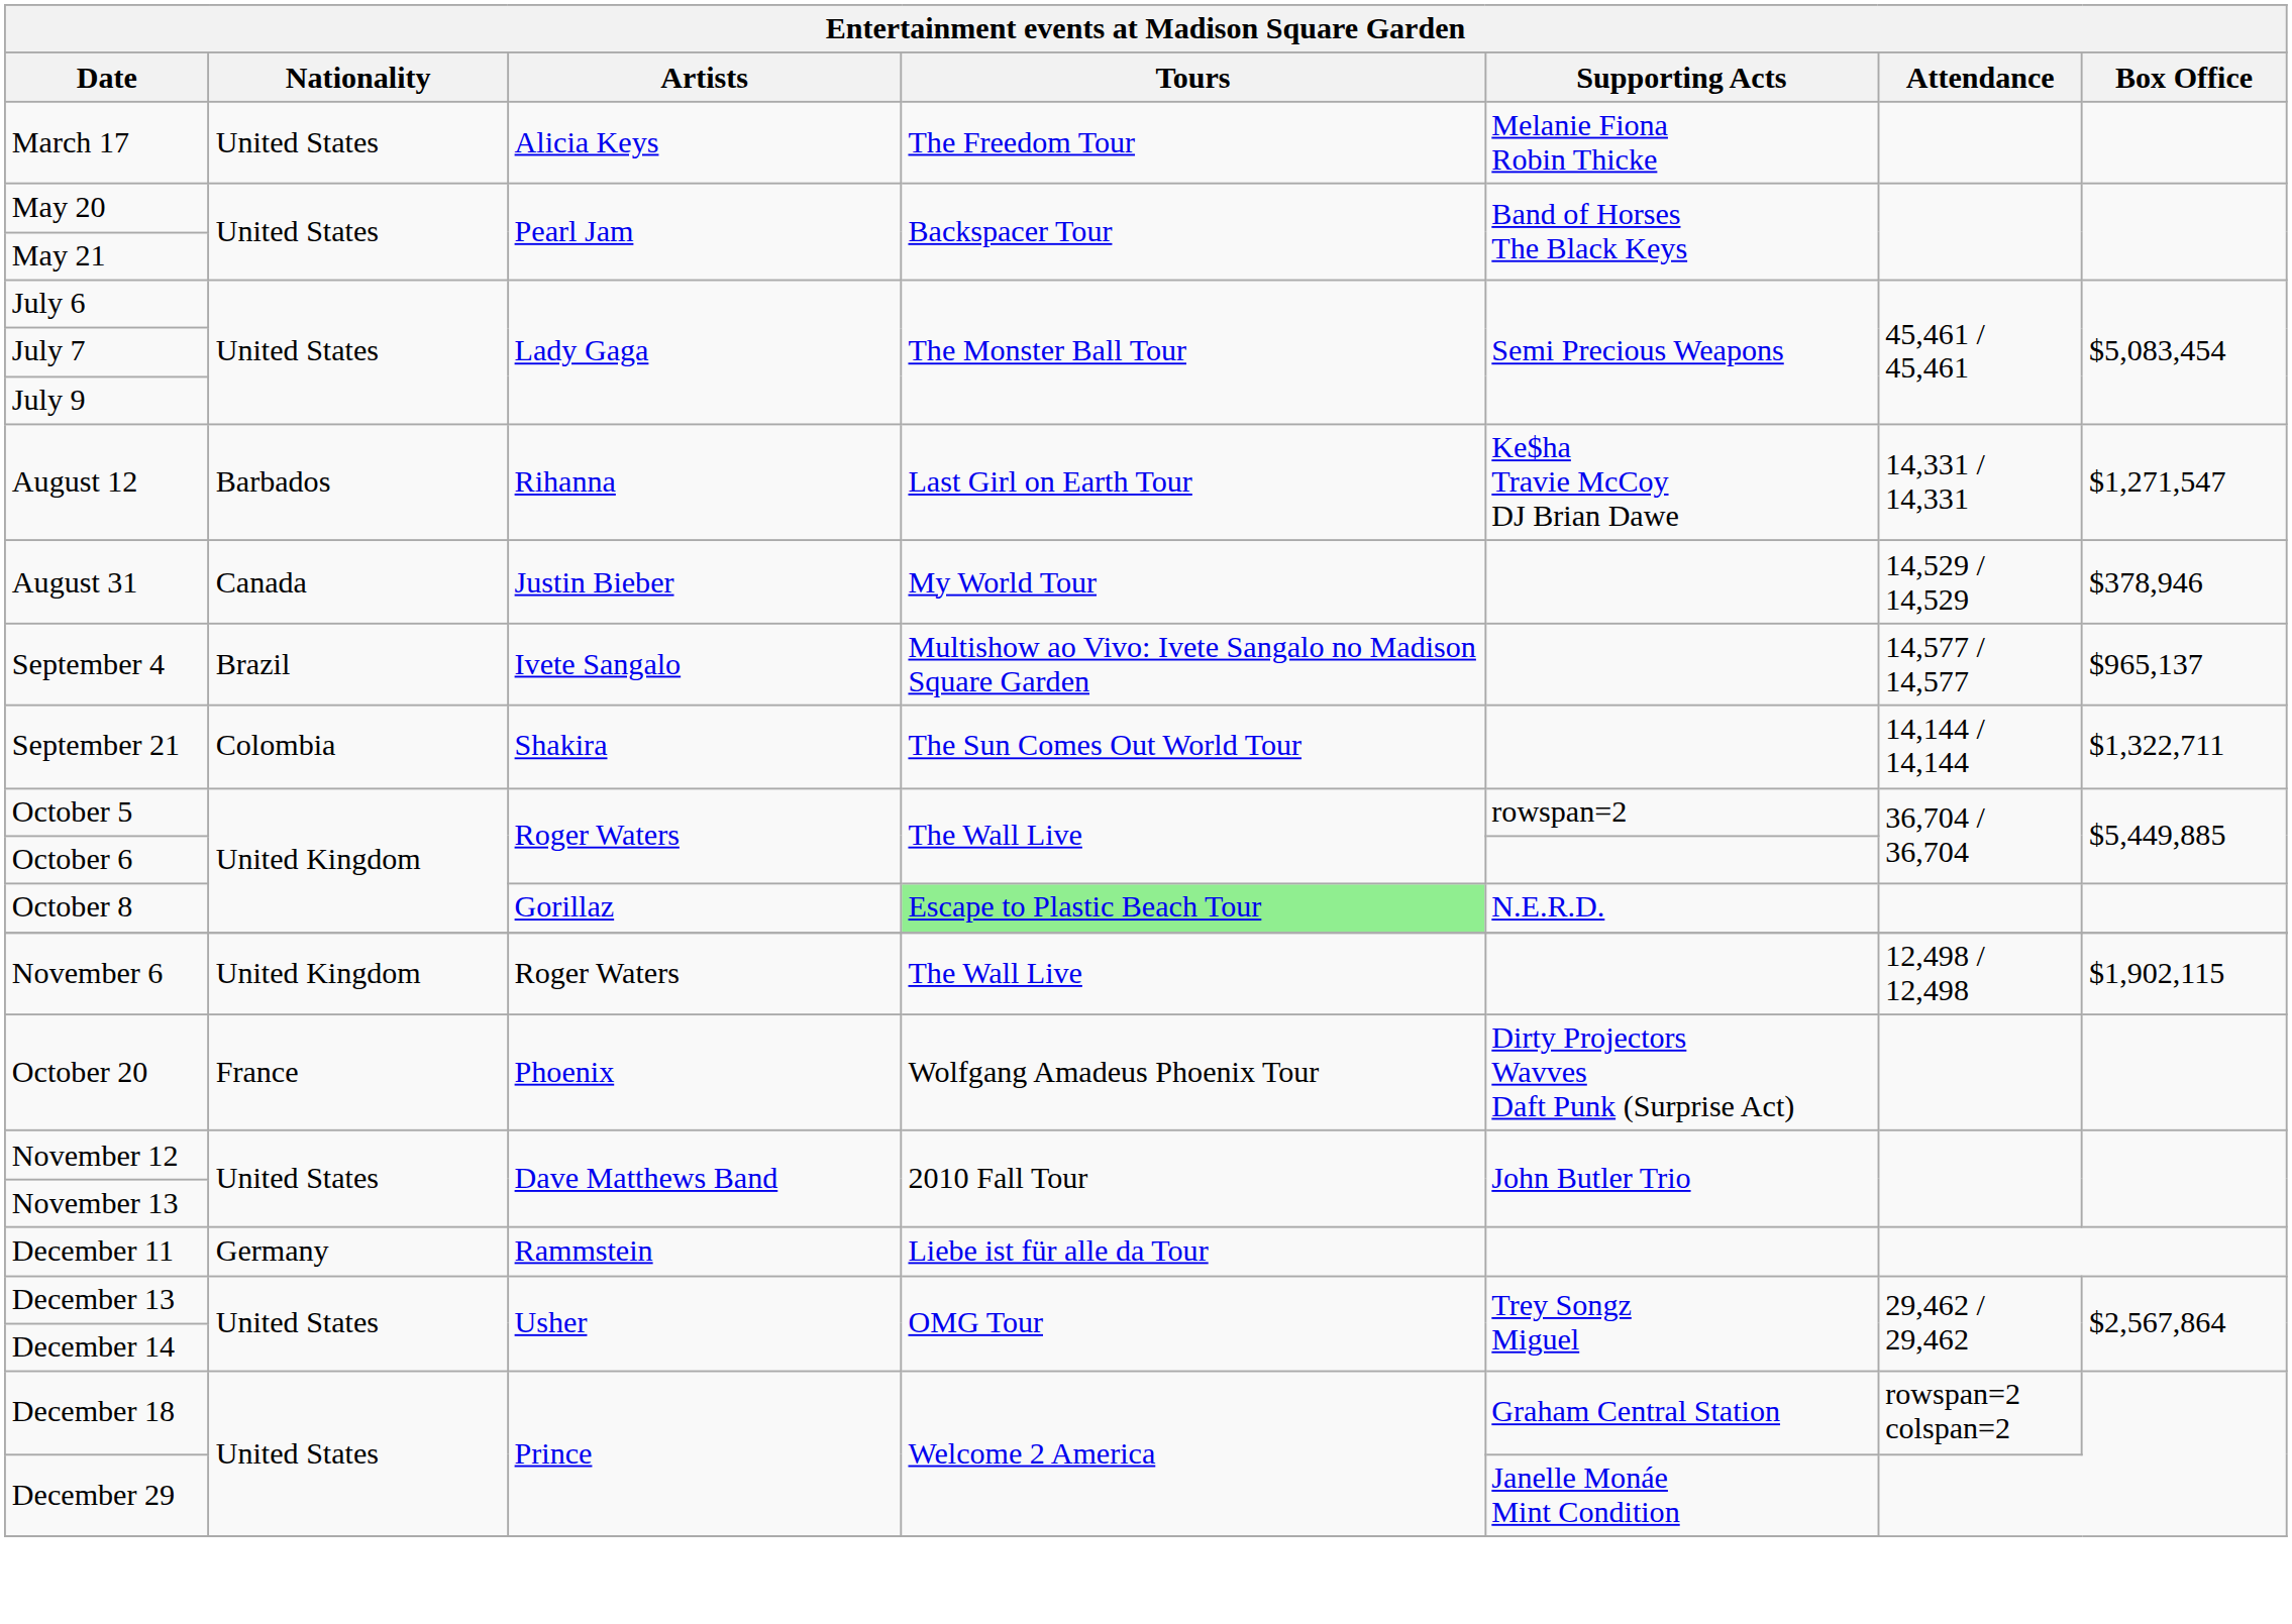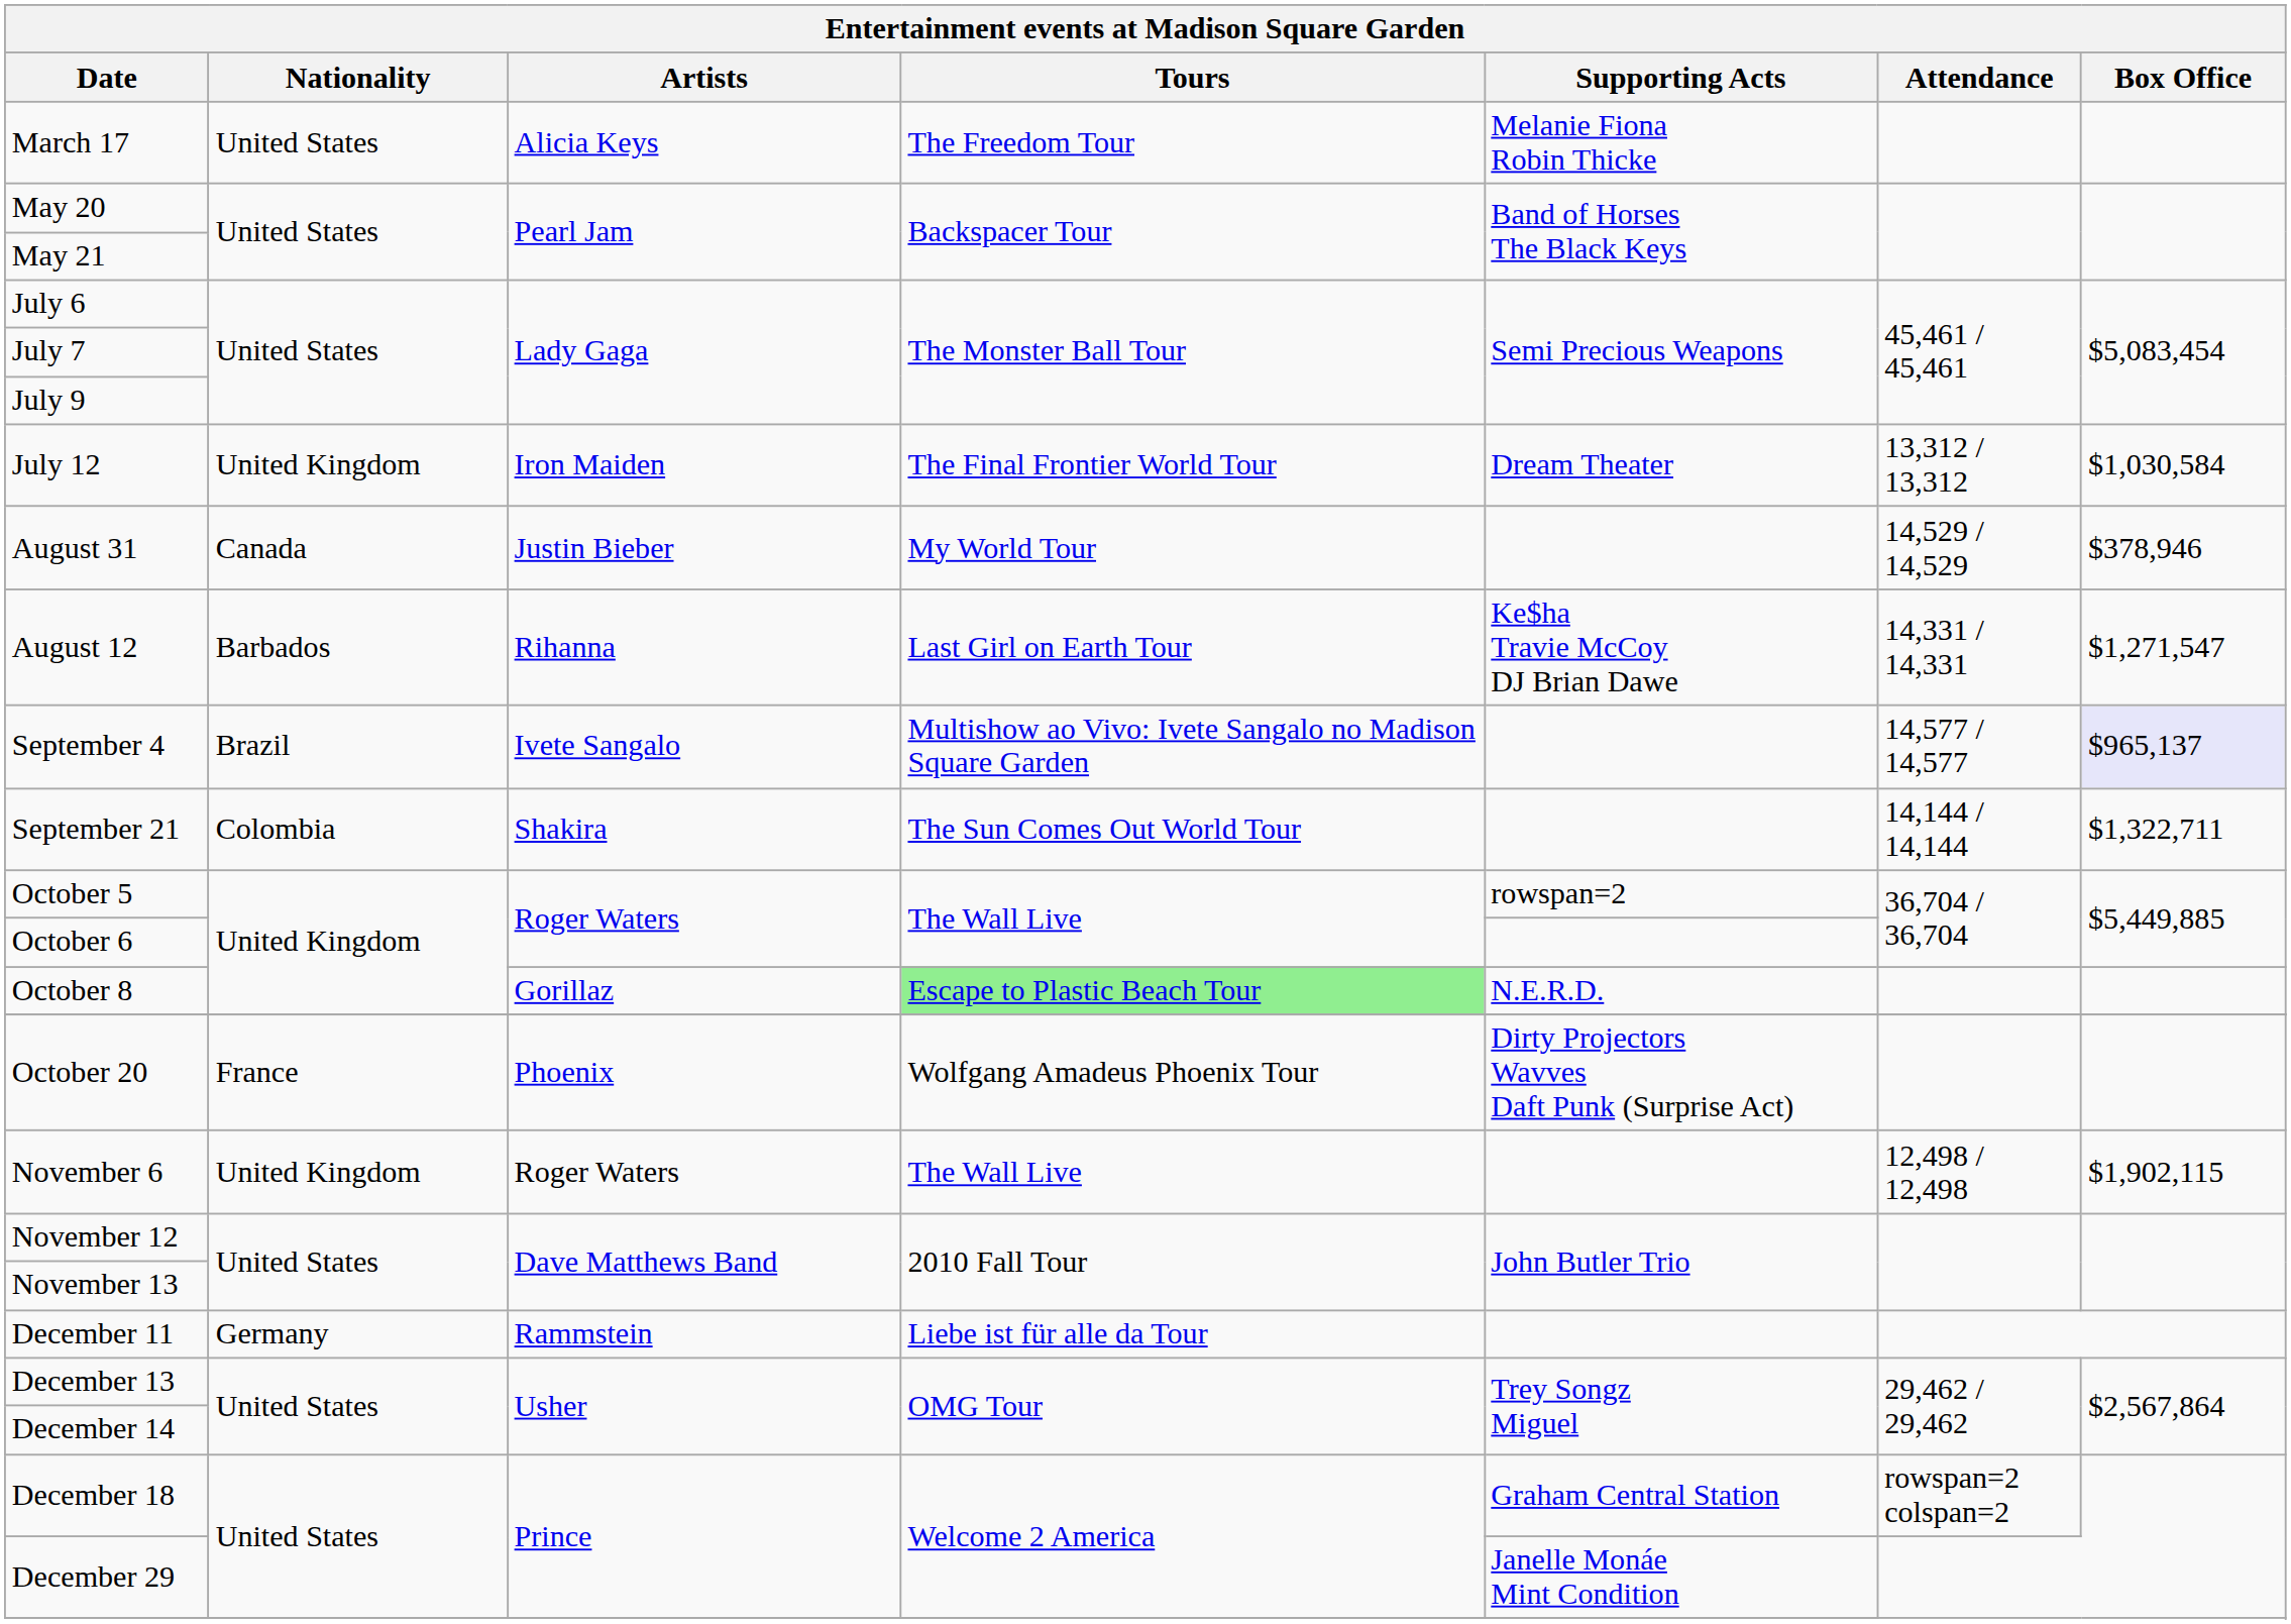 <table class="wikitable">
 <tr>
 <th colspan="7">Entertainment events at Madison Square Garden</th>
 </tr>
 <tr>
 <th width=100>Date</th>
 <th width=150>Nationality</th>
 <th width=200>Artists</th>
 <th width=300>Tours</th>
 <th width=200>Supporting Acts</th>
 <th width=100>Attendance</th>
 <th width=100>Box Office</th>
 </tr>
 <tr>
 <td>March 17</td>
 <td>United States</td>
 <td><a href='#'>Alicia Keys</a></td>
 <td><a href='#'>The Freedom Tour</a></td>
 <td><a href='#'>Melanie Fiona</a><br><a href='#'>Robin Thicke</a></td>
 <td></td>
 <td></td>
 </tr>
 <tr>
 <td>May 20</td>
 <td rowspan=2>United States</td>
 <td rowspan=2><a href='#'>Pearl Jam</a></td>
 <td rowspan=2><a href='#'>Backspacer Tour</a></td>
 <td rowspan=2><a href='#'>Band of Horses</a><br><a href='#'>The Black Keys</a></td>
 <td rowspan=2></td>
 <td rowspan=2></td>
 </tr>
 <tr>
 <td>May 21</td>
 </tr>
 <tr>
 <td>July 6</td>
 <td rowspan=3>United States</td>
 <td rowspan=3><a href='#'>Lady Gaga</a></td>
 <td rowspan=3><a href='#'>The Monster Ball Tour</a></td>
 <td rowspan=3><a href='#'>Semi Precious Weapons</a></td>
 <td rowspan=3>45,461 / 45,461</td>
 <td rowspan=3>$5,083,454</td>
 </tr>
 <tr>
 <td>July 7</td>
 </tr>
 <tr>
 <td>July 9</td>
 </tr>
 <tr>
-<td>August 12</td>
-<td>Barbados</td>
-<td><a href='#'>Rihanna</a></td>
-<td><a href='#'>Last Girl on Earth Tour</a></td>
-<td><a href='#'>Ke$ha</a><br><a href='#'>Travie McCoy</a><br>DJ Brian Dawe</td>
-<td>14,331 / 14,331</td>
-<td>$1,271,547</td>
+<td>July 12</td>
+<td>United Kingdom</td>
+<td><a href='#'>Iron Maiden</a></td>
+<td><a href='#'>The Final Frontier World Tour</a></td>
+<td><a href='#'>Dream Theater</a></td>
+<td>13,312 / 13,312</td>
+<td>$1,030,584</td>
 </tr>
 <tr>
 <td>August 31</td>
 <td>Canada</td>
 <td><a href='#'>Justin Bieber</a></td>
 <td><a href='#'>My World Tour</a></td>
 <td></td>
 <td>14,529 / 14,529</td>
 <td>$378,946</td>
 </tr>
 <tr>
+<td>August 12</td>
+<td>Barbados</td>
+<td><a href='#'>Rihanna</a></td>
+<td><a href='#'>Last Girl on Earth Tour</a></td>
+<td><a href='#'>Ke$ha</a><br><a href='#'>Travie McCoy</a><br>DJ Brian Dawe</td>
+<td>14,331 / 14,331</td>
+<td>$1,271,547</td>
+</tr>
+<tr>
 <td>September 4</td>
 <td>Brazil</td>
 <td><a href='#'>Ivete Sangalo</a></td>
 <td><a href='#'>Multishow ao Vivo: Ivete Sangalo no Madison Square Garden</a></td>
 <td></td>
 <td>14,577 / 14,577</td>
-<td>$965,137</td>
+<td style="background: lavender;">$965,137</td>
 </tr>
 <tr>
 <td>September 21</td>
 <td>Colombia</td>
 <td><a href='#'>Shakira</a></td>
 <td><a href='#'>The Sun Comes Out World Tour</a></td>
 <td></td>
 <td>14,144 / 14,144</td>
 <td>$1,322,711</td>
 </tr>
 <tr>
 <td>October 5</td>
 <td rowspan=3>United Kingdom</td>
 <td rowspan=2><a href='#'>Roger Waters</a></td>
 <td rowspan=2><a href='#'>The Wall Live</a></td>
 <td>rowspan=2 </td>
 <td rowspan=2>36,704 / 36,704</td>
 <td rowspan=2>$5,449,885</td>
 </tr>
 <tr>
 <td>October 6</td>
 </tr>
 <tr>
 <td>October 8</td>
 <td><a href='#'>Gorillaz</a></td>
 <td style="background: lightgreen;"><a href='#'>Escape to Plastic Beach Tour</a></td>
 <td><a href='#'>N.E.R.D.</a></td>
 <td></td>
 <td></td>
 </tr>
 <tr>
 </tr>
 <tr>
+<td>October 20</td>
+<td>France</td>
+<td><a href='#'>Phoenix</a></td>
+<td>Wolfgang Amadeus Phoenix Tour </td>
+<td><a href='#'>Dirty Projectors</a><br><a href='#'>Wavves</a><br><a href='#'>Daft Punk</a> (Surprise Act)</td>
+<td></td>
+<td></td>
+</tr>
+<tr>
 <td>November 6</td>
 <td>United Kingdom</td>
 <td>Roger Waters</td>
 <td><a href='#'>The Wall Live</a></td>
 <td></td>
 <td>12,498 / 12,498</td>
 <td>$1,902,115</td>
-</tr>
-<tr>
-<td>October 20</td>
-<td>France</td>
-<td><a href='#'>Phoenix</a></td>
-<td>Wolfgang Amadeus Phoenix Tour </td>
-<td><a href='#'>Dirty Projectors</a><br><a href='#'>Wavves</a><br><a href='#'>Daft Punk</a> (Surprise Act)</td>
-<td></td>
-<td></td>
 </tr>
 <tr>
 <td>November 12</td>
 <td rowspan=2>United States</td>
 <td rowspan=2><a href='#'>Dave Matthews Band</a></td>
 <td rowspan=2>2010 Fall Tour</td>
 <td rowspan=2><a href='#'>John Butler Trio</a></td>
 <td rowspan=2></td>
 <td rowspan=2></td>
 </tr>
 <tr>
 <td>November 13</td>
 </tr>
 <tr>
 <td>December 11</td>
 <td>Germany</td>
 <td><a href='#'>Rammstein</a></td>
 <td><a href='#'>Liebe ist für alle da Tour</a></td>
 <td></td>
 </tr>
 <tr>
 <td>December 13</td>
 <td rowspan=2>United States</td>
 <td rowspan=2><a href='#'>Usher</a></td>
 <td rowspan=2><a href='#'>OMG Tour</a></td>
 <td rowspan=2><a href='#'>Trey Songz</a><br><a href='#'>Miguel</a></td>
 <td rowspan=2>29,462 / 29,462</td>
 <td rowspan=2>$2,567,864</td>
 </tr>
 <tr>
 <td>December 14</td>
 </tr>
 <tr>
 <td>December 18</td>
 <td rowspan="2">United States</td>
 <td rowspan="2"><a href='#'>Prince</a></td>
 <td rowspan="2"><a href='#'>Welcome 2 America</a></td>
 <td><a href='#'>Graham Central Station</a></td>
 <td>rowspan=2 colspan=2 </td>
 </tr>
 <tr>
 <td>December 29</td>
 <td><a href='#'>Janelle Monáe</a><br><a href='#'>Mint Condition</a></td>
 </tr>
 <tr>
 </tr>
 </table>
